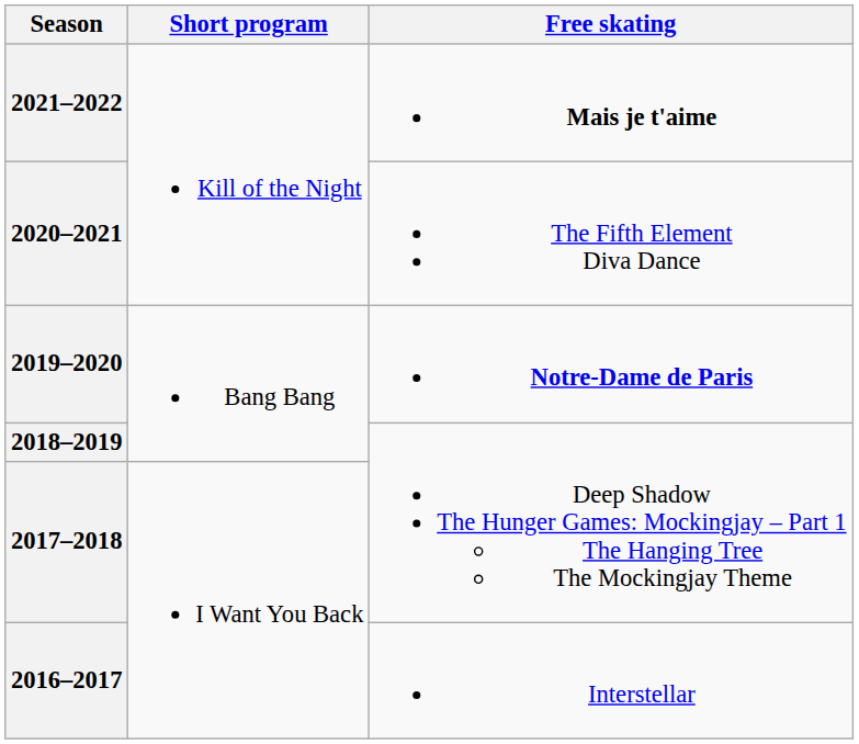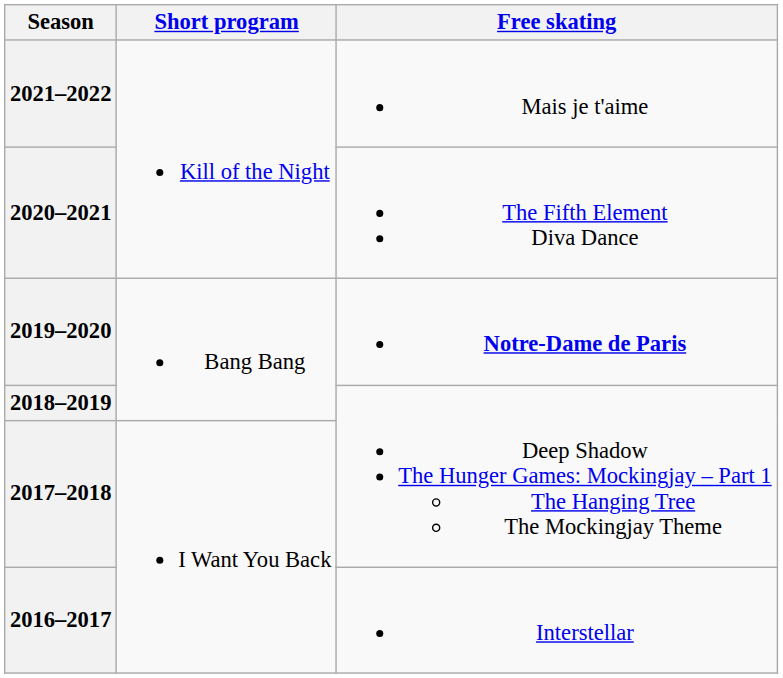 <table class=wikitable style=text-align:center>
 <tr>
 <th>Season</th>
 <th><a href='#'>Short program</a></th>
 <th><a href='#'>Free skating</a></th>
 </tr>
 <tr>
 <th>2021–2022 <br> </th>
 <td rowspan=2><br><ul><li><a href='#'>Kill of the Night</a> <br></li></ul></td>
-<td><strong><br><ul><li>Mais je t'aime <br> </li></ul></strong></td>
+<td><br><ul><li>Mais je t'aime <br> </li></ul></td>
 </tr>
 <tr>
 <th>2020–2021 <br> </th>
 <td><br><ul><li><a href='#'>The Fifth Element</a> <br> </li><li>Diva Dance <br> </li></ul></td>
 </tr>
 <tr>
 <th>2019–2020 <br> </th>
 <td rowspan=2><br><ul><li>Bang Bang <br></li></ul></td>
 <td><strong><br><ul><li><a href='#'>Notre-Dame de Paris</a> <br> </li></ul></strong></td>
 </tr>
 <tr>
 <th>2018–2019 <br> </th>
 <td rowspan=2><br><ul><li>Deep Shadow <br></li><li><a href='#'>The Hunger Games: Mockingjay – Part 1</a><ul><li><a href='#'>The Hanging Tree</a> <br></li><li>The Mockingjay Theme <br></li></ul></li></ul></td>
 </tr>
 <tr>
 <th>2017–2018 <br> </th>
 <td rowspan=2><br><ul><li>I Want You Back <br></li></ul></td>
 </tr>
 <tr>
 <th>2016–2017 <br> </th>
 <td><br><ul><li><a href='#'>Interstellar</a> <br></li></ul></td>
 </tr>
 </table>
